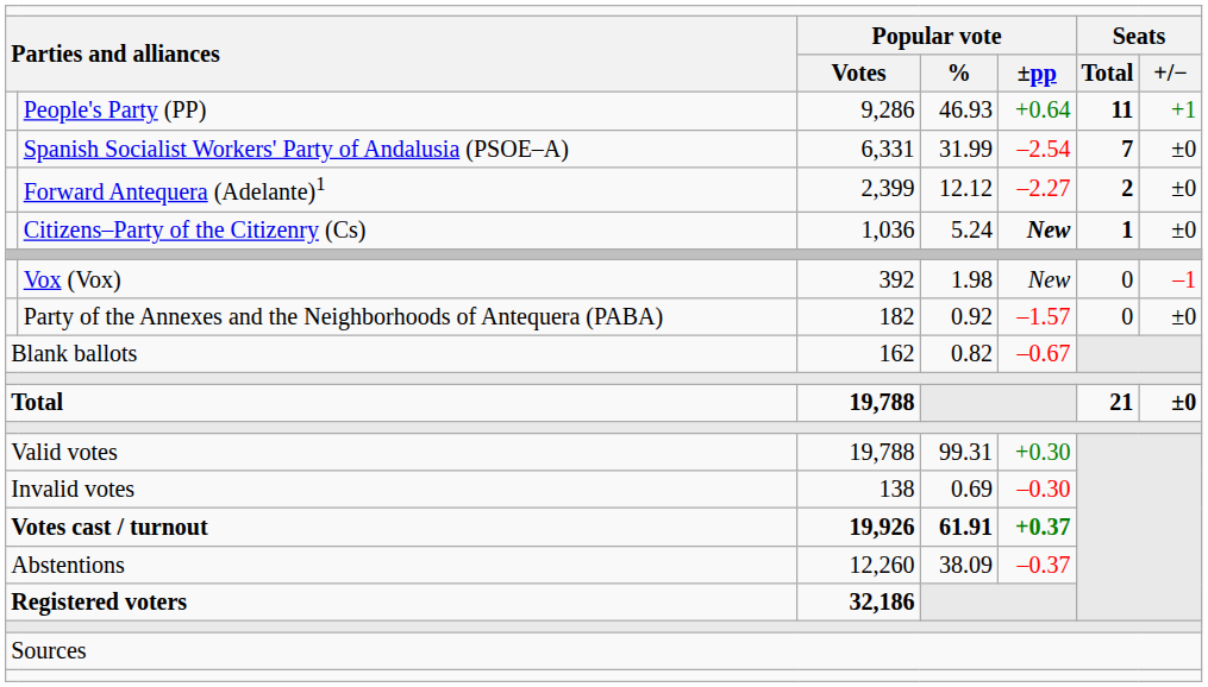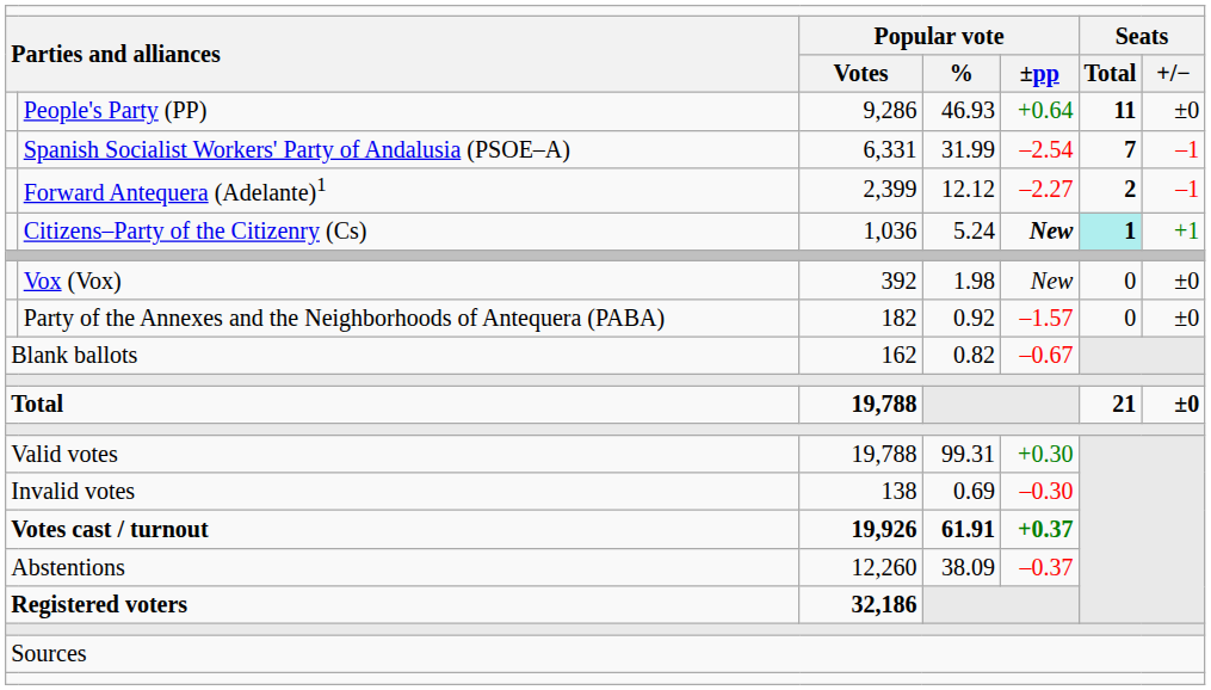 <table class="wikitable" style="text-align:right;">
 <tr>
 <td colspan="7"></td>
 </tr>
 <tr>
 <th style="text-align:left;" rowspan="2" colspan="2" width="525">Parties and alliances</th>
 <th colspan="3">Popular vote</th>
 <th colspan="2">Seats</th>
 </tr>
 <tr>
 <th width="75">Votes</th>
 <th width="45">%</th>
 <th width="45">±<a href='#'>pp</a></th>
 <th width="35">Total</th>
 <th width="35">+/−</th>
 </tr>
 <tr>
 <td width="1" style="color:inherit;background:"></td>
 <td align="left"><a href='#'>People's Party</a> (PP)</td>
 <td>9,286</td>
 <td>46.93</td>
 <td style="color:green;">+0.64</td>
 <td><strong>11</strong></td>
-<td style="color:green;">+1</td>
+<td>±0</td>
 </tr>
 <tr>
 <td style="color:inherit;background:"></td>
 <td align="left"><a href='#'>Spanish Socialist Workers' Party of Andalusia</a> (PSOE–A)</td>
 <td>6,331</td>
 <td>31.99</td>
 <td style="color:red;">–2.54</td>
 <td><strong>7</strong></td>
-<td>±0</td>
+<td style="color:red;">–1</td>
 </tr>
 <tr>
 <td style="color:inherit;background:"></td>
 <td align="left"><a href='#'>Forward Antequera</a> (Adelante)<sup>1</sup></td>
 <td>2,399</td>
 <td>12.12</td>
 <td style="color:red;">–2.27</td>
 <td><strong>2</strong></td>
-<td>±0</td>
+<td style="color:red;">–1</td>
 </tr>
 <tr>
 <td style="color:inherit;background:"></td>
 <td align="left"><a href='#'>Citizens–Party of the Citizenry</a> (Cs)</td>
 <td>1,036</td>
 <td>5.24</td>
 <td><strong><em>New</em></strong></td>
-<td><strong>1</strong></td>
-<td>±0</td>
+<td style="background: paleturquoise;"><strong>1</strong></td>
+<td style="color:green;">+1</td>
 </tr>
 <tr>
 <td colspan="7" bgcolor="#C0C0C0"></td>
 </tr>
 <tr>
 <td style="color:inherit;background:"></td>
 <td align="left"><a href='#'>Vox</a> (Vox)</td>
 <td>392</td>
 <td>1.98</td>
 <td><em>New</em></td>
 <td>0</td>
-<td style="color:red;">–1</td>
+<td>±0</td>
 </tr>
 <tr>
 <td style="color:inherit;background:"></td>
 <td align="left">Party of the Annexes and the Neighborhoods of Antequera (PABA)</td>
 <td>182</td>
 <td>0.92</td>
 <td style="color:red;">–1.57</td>
 <td>0</td>
 <td>±0</td>
 </tr>
 <tr>
 <td align="left" colspan="2">Blank ballots</td>
 <td>162</td>
 <td>0.82</td>
 <td style="color:red;">–0.67</td>
 <td bgcolor="#E9E9E9" colspan="2"></td>
 </tr>
 <tr>
 <td colspan="7" bgcolor="#E9E9E9"></td>
 </tr>
 <tr style="font-weight:bold;">
 <td align="left" colspan="2">Total</td>
 <td>19,788</td>
 <td bgcolor="#E9E9E9" colspan="2"></td>
 <td>21</td>
 <td>±0</td>
 </tr>
 <tr>
 <td colspan="7" bgcolor="#E9E9E9"></td>
 </tr>
 <tr>
 <td align="left" colspan="2">Valid votes</td>
 <td>19,788</td>
 <td>99.31</td>
 <td style="color:green;">+0.30</td>
 <td bgcolor="#E9E9E9" colspan="2" rowspan="5"></td>
 </tr>
 <tr>
 <td align="left" colspan="2">Invalid votes</td>
 <td>138</td>
 <td>0.69</td>
 <td style="color:red;">–0.30</td>
 </tr>
 <tr style="font-weight:bold;">
 <td align="left" colspan="2">Votes cast / turnout</td>
 <td>19,926</td>
 <td>61.91</td>
 <td style="color:green;">+0.37</td>
 </tr>
 <tr>
 <td align="left" colspan="2">Abstentions</td>
 <td>12,260</td>
 <td>38.09</td>
 <td style="color:red;">–0.37</td>
 </tr>
 <tr style="font-weight:bold;">
 <td align="left" colspan="2">Registered voters</td>
 <td>32,186</td>
 <td bgcolor="#E9E9E9" colspan="2"></td>
 </tr>
 <tr>
 <td colspan="7" bgcolor="#E9E9E9"></td>
 </tr>
 <tr>
 <td align="left" colspan="7">Sources</td>
 </tr>
 <tr>
 <td colspan="7" style="text-align:left; max-width:790px;"></td>
 </tr>
 </table>
